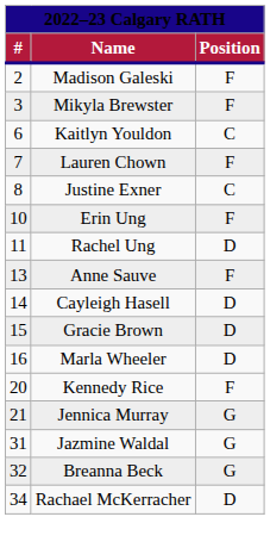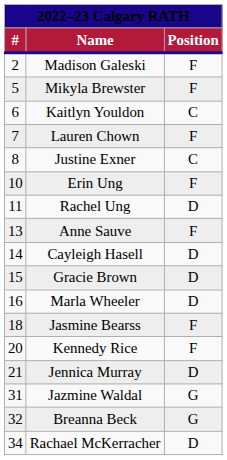 <table class="wikitable">
 <tr>
 <th style=background:#180589 colspan=3><span>2022–23 Calgary RATH</span></th>
 </tr>
 <tr style="text-align:center; background:#B3193B; border-bottom: #180589 3px solid; color:white;">
 <td><strong>#</strong></td>
 <td><strong>Name</strong></td>
 <td><strong>Position</strong></td>
 </tr>
 <tr style="text-align:center">
 <td>2</td>
 <td>Madison Galeski</td>
 <td>F</td>
 </tr>
 <tr style="text-align:center" bgcolor="#eeeeee">
-<td>3</td>
+<td>5</td>
 <td>Mikyla Brewster</td>
 <td>F</td>
 </tr>
 <tr style="text-align:center">
 <td>6</td>
 <td>Kaitlyn Youldon</td>
 <td>C</td>
 </tr>
 <tr style="text-align:center" bgcolor="#eeeeee">
 <td>7</td>
 <td>Lauren Chown</td>
 <td>F</td>
 </tr>
 <tr style="text-align:center">
 <td>8</td>
 <td>Justine Exner</td>
 <td>C</td>
 </tr>
 <tr style="text-align:center" bgcolor="#eeeeee">
 <td>10</td>
 <td>Erin Ung</td>
 <td>F</td>
 </tr>
 <tr style="text-align:center">
 <td>11</td>
 <td>Rachel Ung</td>
 <td>D</td>
 </tr>
 <tr style="text-align:center" bgcolor="#eeeeee">
 <td>13</td>
 <td>Anne Sauve</td>
 <td>F</td>
 </tr>
 <tr style="text-align:center">
 <td>14</td>
 <td>Cayleigh Hasell</td>
 <td>D</td>
 </tr>
 <tr style="text-align:center" bgcolor="#eeeeee">
 <td>15</td>
 <td>Gracie Brown</td>
 <td>D</td>
 </tr>
 <tr style="text-align:center">
 <td>16</td>
 <td>Marla Wheeler</td>
 <td>D</td>
 </tr>
+<tr style="text-align:center" bgcolor="#eeeeee">
+<td>18</td>
+<td>Jasmine Bearss</td>
+<td>F</td>
+</tr>
 <tr style="text-align:center">
 <td>20</td>
 <td>Kennedy Rice</td>
 <td>F</td>
 </tr>
 <tr style="text-align:center" bgcolor="#eeeeee">
 <td>21</td>
 <td>Jennica Murray</td>
-<td>G</td>
+<td>D</td>
 </tr>
 <tr style="text-align:center">
 <td>31</td>
 <td>Jazmine Waldal</td>
 <td>G</td>
 </tr>
 <tr style="text-align:center" bgcolor="#eeeeee">
 <td>32</td>
 <td>Breanna Beck</td>
 <td>G</td>
 </tr>
 <tr style="text-align:center">
 <td>34</td>
 <td>Rachael McKerracher</td>
 <td>D</td>
 </tr>
 </table>
